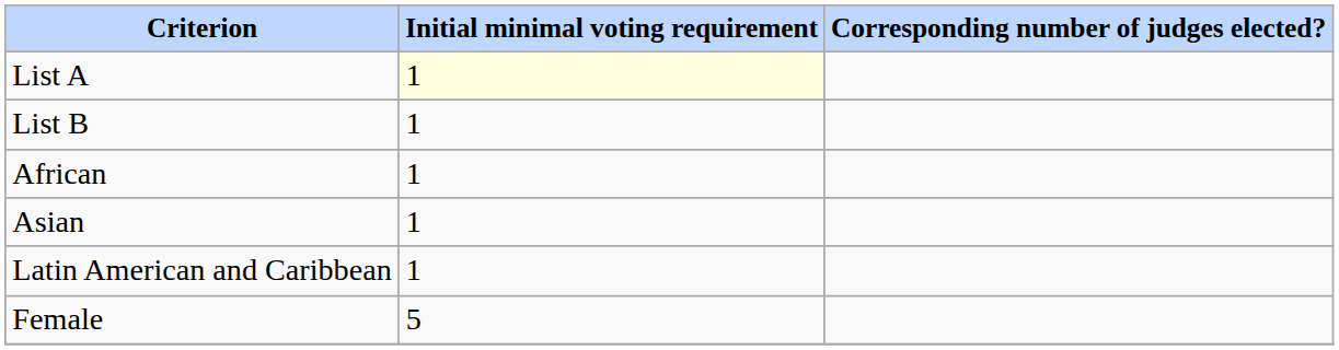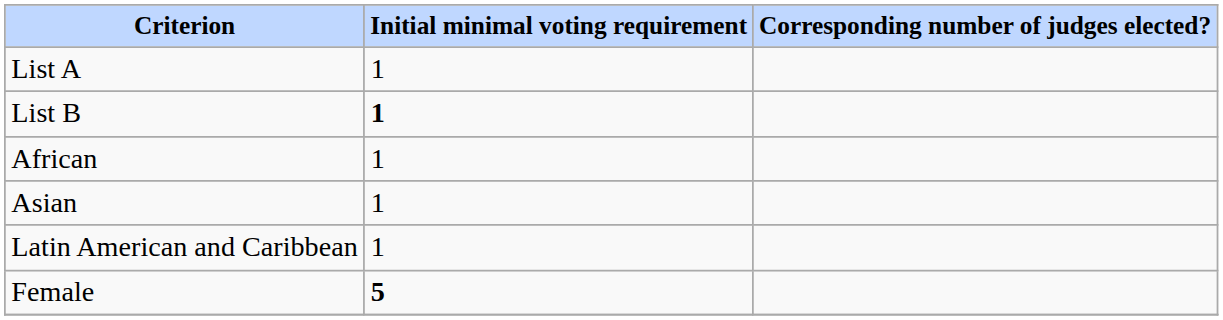 <table class="wikitable col2center">
 <tr bgcolor=#BFD7FF align="center" style="font-size:90%;">
 <td><strong>Criterion</strong></td>
 <td><strong>Initial minimal voting requirement</strong></td>
 <td><strong>Corresponding number of judges elected?</strong></td>
 </tr>
 <tr>
 <td>List A</td>
-<td style="background: lightyellow;">1</td>
+<td>1</td>
 <td></td>
 </tr>
 <tr>
 <td>List B</td>
-<td>1</td>
+<td><strong>1</strong></td>
 <td></td>
 </tr>
 <tr>
 <td>African</td>
 <td>1</td>
 <td></td>
 </tr>
 <tr>
 <td>Asian</td>
 <td>1</td>
 <td></td>
 </tr>
 <tr>
 <td>Latin American and Caribbean</td>
 <td>1</td>
 <td></td>
 </tr>
 <tr>
 <td>Female</td>
-<td>5</td>
+<td><strong>5</strong></td>
 <td></td>
 </tr>
 <tr>
 </tr>
 </table>
